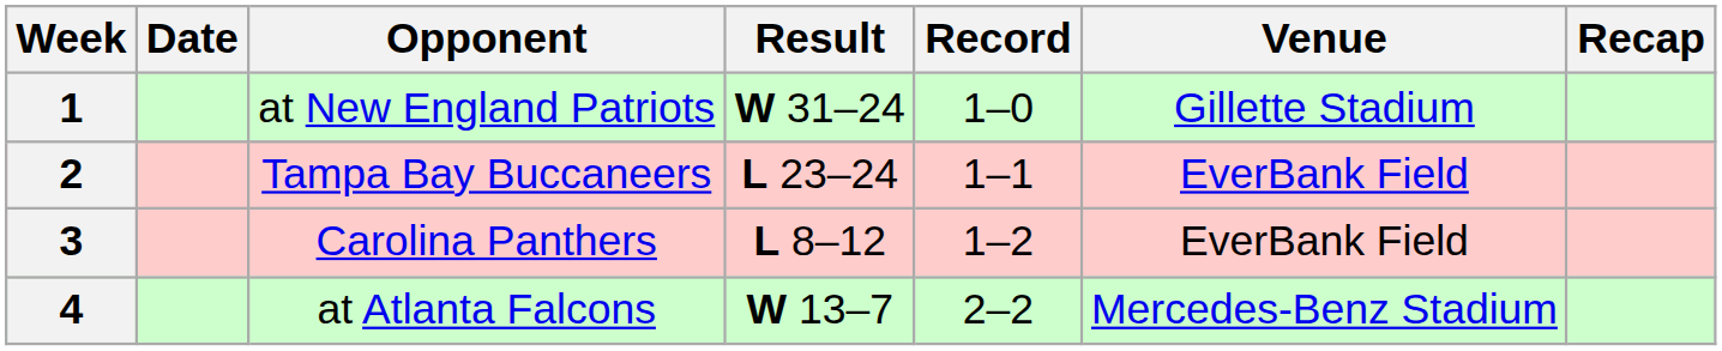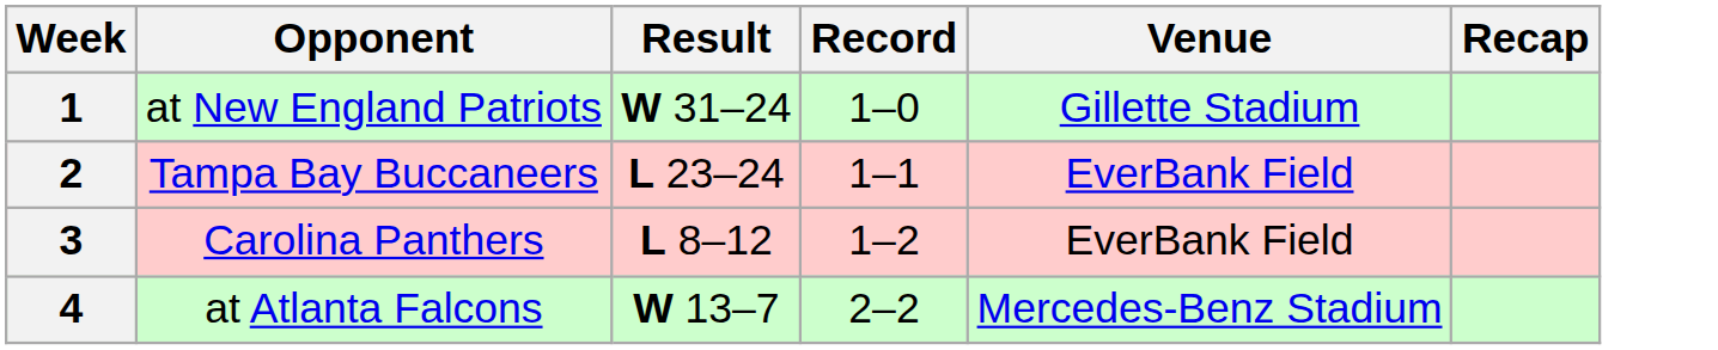 <table class="wikitable" style="text-align:center">
 <tr>
 <th>Week</th>
-<th>Date</th>
 <th>Opponent</th>
 <th>Result</th>
 <th>Record</th>
 <th>Venue</th>
 <th>Recap</th>
 </tr>
 <tr style="background:#cfc">
 <th>1</th>
-<td></td>
 <td>at <a href='#'>New England Patriots</a></td>
 <td><strong>W</strong> 31–24</td>
 <td>1–0</td>
 <td><a href='#'>Gillette Stadium</a></td>
 <td></td>
 </tr>
 <tr style="background:#fcc">
 <th>2</th>
-<td></td>
 <td><a href='#'>Tampa Bay Buccaneers</a></td>
 <td><strong>L</strong> 23–24</td>
 <td>1–1</td>
 <td><a href='#'>EverBank Field</a></td>
 <td></td>
 </tr>
 <tr style="background:#fcc">
 <th>3</th>
-<td></td>
 <td><a href='#'>Carolina Panthers</a></td>
 <td><strong>L</strong> 8–12</td>
 <td>1–2</td>
 <td>EverBank Field</td>
 <td></td>
 </tr>
 <tr style="background:#cfc">
 <th>4</th>
-<td></td>
 <td>at <a href='#'>Atlanta Falcons</a></td>
 <td><strong>W</strong> 13–7</td>
 <td>2–2</td>
 <td><a href='#'>Mercedes-Benz Stadium</a></td>
 <td></td>
 </tr>
 </table>
